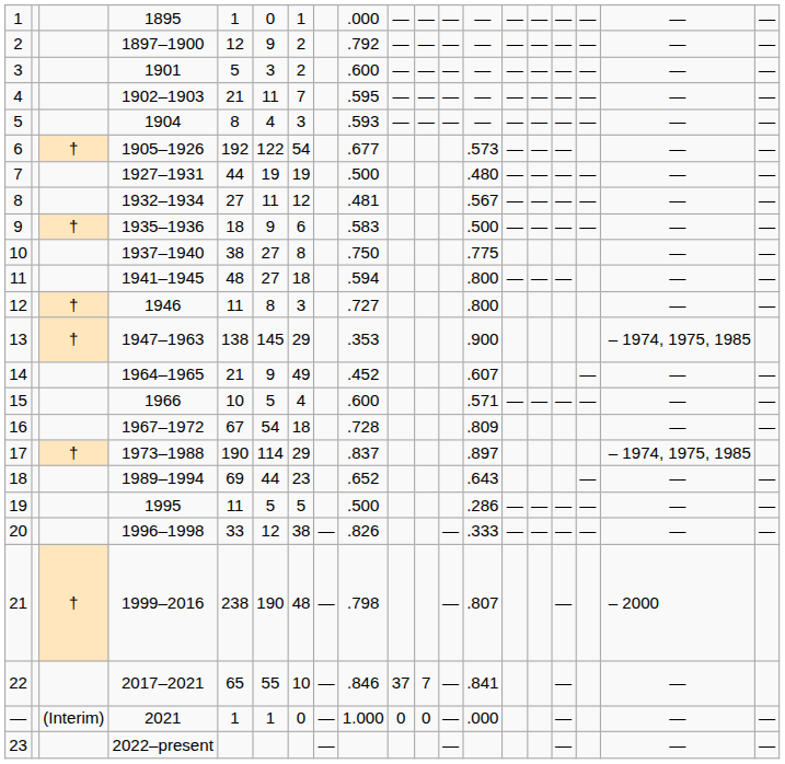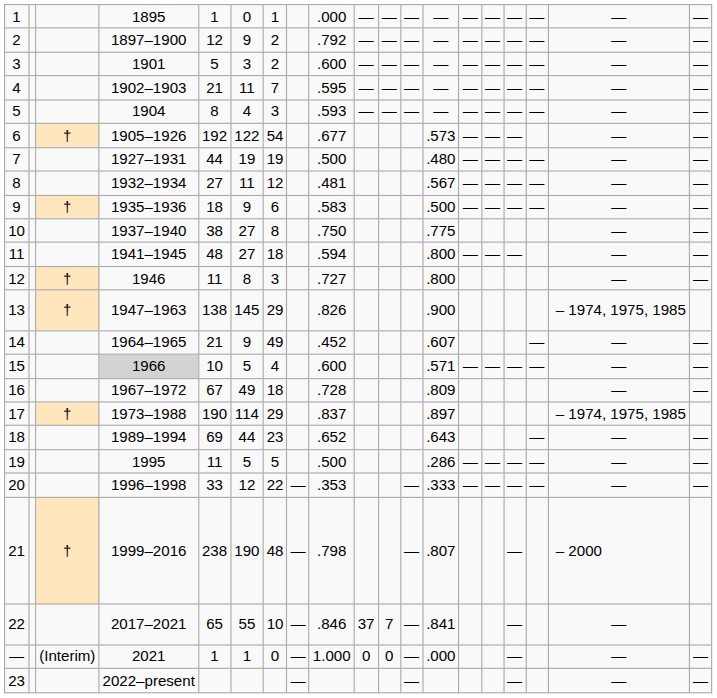 <table class="wikitable sortable" style="font-size:85%">
 <tr>
 <td align="center">1</td>
 <td></td>
 <td align="center"></td>
 <td align="center">1895</td>
 <td align="center">1</td>
 <td align="center">0</td>
 <td align="center">1</td>
 <td align="center"></td>
 <td align="center">.000</td>
 <td align="center">—</td>
 <td align="center">—</td>
 <td align="center">—</td>
 <td align="center">—</td>
 <td align="center">—</td>
 <td align="center">—</td>
 <td align="center">—</td>
 <td align="center">—</td>
 <td align="center">—</td>
 <td align="center">—</td>
 </tr>
 <tr>
 <td align="center">2</td>
 <td></td>
 <td align="center"></td>
 <td align="center">1897–1900</td>
 <td align="center">12</td>
 <td align="center">9</td>
 <td align="center">2</td>
 <td align="center"></td>
 <td align="center">.792</td>
 <td align="center">—</td>
 <td align="center">—</td>
 <td align="center">—</td>
 <td align="center">—</td>
 <td align="center">—</td>
 <td align="center">—</td>
 <td align="center">—</td>
 <td align="center">—</td>
 <td align="center">—</td>
 <td align="center">—</td>
 </tr>
 <tr>
 <td align="center">3</td>
 <td></td>
 <td align="center"></td>
 <td align="center">1901</td>
 <td align="center">5</td>
 <td align="center">3</td>
 <td align="center">2</td>
 <td align="center"></td>
 <td align="center">.600</td>
 <td align="center">—</td>
 <td align="center">—</td>
 <td align="center">—</td>
 <td align="center">—</td>
 <td align="center">—</td>
 <td align="center">—</td>
 <td align="center">—</td>
 <td align="center">—</td>
 <td align="center">—</td>
 <td align="center">—</td>
 </tr>
 <tr>
 <td align="center">4</td>
 <td></td>
 <td align="center"></td>
 <td align="center">1902–1903</td>
 <td align="center">21</td>
 <td align="center">11</td>
 <td align="center">7</td>
 <td align="center"></td>
 <td align="center">.595</td>
 <td align="center">—</td>
 <td align="center">—</td>
 <td align="center">—</td>
 <td align="center">—</td>
 <td align="center">—</td>
 <td align="center">—</td>
 <td align="center">—</td>
 <td align="center">—</td>
 <td align="center">—</td>
 <td align="center">—</td>
 </tr>
 <tr>
 <td align="center">5</td>
 <td></td>
 <td align="center"></td>
 <td align="center">1904</td>
 <td align="center">8</td>
 <td align="center">4</td>
 <td align="center">3</td>
 <td align="center"></td>
 <td align="center">.593</td>
 <td align="center">—</td>
 <td align="center">—</td>
 <td align="center">—</td>
 <td align="center">—</td>
 <td align="center">—</td>
 <td align="center">—</td>
 <td align="center">—</td>
 <td align="center">—</td>
 <td align="center">—</td>
 <td align="center">—</td>
 </tr>
 <tr>
 <td align="center">6</td>
 <td></td>
 <td align="center" bgcolor="#FFE6BD">†</td>
 <td align="center">1905–1926</td>
 <td align="center">192</td>
 <td align="center">122</td>
 <td align="center">54</td>
 <td align="center"></td>
 <td align="center">.677</td>
 <td align="center"></td>
 <td align="center"></td>
 <td align="center"></td>
 <td align="center">.573</td>
 <td align="center">—</td>
 <td align="center">—</td>
 <td align="center">—</td>
 <td align="center"></td>
 <td align="center">—</td>
 <td align="center">—</td>
 </tr>
 <tr>
 <td align="center">7</td>
 <td></td>
 <td align="center"></td>
 <td align="center">1927–1931</td>
 <td align="center">44</td>
 <td align="center">19</td>
 <td align="center">19</td>
 <td align="center"></td>
 <td align="center">.500</td>
 <td align="center"></td>
 <td align="center"></td>
 <td align="center"></td>
 <td align="center">.480</td>
 <td align="center">—</td>
 <td align="center">—</td>
 <td align="center">—</td>
 <td align="center">—</td>
 <td align="center">—</td>
 <td align="center">—</td>
 </tr>
 <tr>
 <td align="center">8</td>
 <td></td>
 <td align="center"></td>
 <td align="center">1932–1934</td>
 <td align="center">27</td>
 <td align="center">11</td>
 <td align="center">12</td>
 <td align="center"></td>
 <td align="center">.481</td>
 <td align="center"></td>
 <td align="center"></td>
 <td align="center"></td>
 <td align="center">.567</td>
 <td align="center">—</td>
 <td align="center">—</td>
 <td align="center">—</td>
 <td align="center">—</td>
 <td align="center">—</td>
 <td align="center">—</td>
 </tr>
 <tr>
 <td align="center">9</td>
 <td></td>
 <td align="center" bgcolor="#FFE6BD">†</td>
 <td align="center">1935–1936</td>
 <td align="center">18</td>
 <td align="center">9</td>
 <td align="center">6</td>
 <td align="center"></td>
 <td align="center">.583</td>
 <td align="center"></td>
 <td align="center"></td>
 <td align="center"></td>
 <td align="center">.500</td>
 <td align="center">—</td>
 <td align="center">—</td>
 <td align="center">—</td>
 <td align="center">—</td>
 <td align="center">—</td>
 <td align="center">—</td>
 </tr>
 <tr>
 <td align="center">10</td>
 <td></td>
 <td align="center"></td>
 <td align="center">1937–1940</td>
 <td align="center">38</td>
 <td align="center">27</td>
 <td align="center">8</td>
 <td align="center"></td>
 <td align="center">.750</td>
 <td align="center"></td>
 <td align="center"></td>
 <td align="center"></td>
 <td align="center">.775</td>
 <td align="center"></td>
 <td align="center"></td>
 <td align="center"></td>
 <td align="center"></td>
 <td align="center">—</td>
 <td align="center">—</td>
 </tr>
 <tr>
 <td align="center">11</td>
 <td></td>
 <td align="center"></td>
 <td align="center">1941–1945</td>
 <td align="center">48</td>
 <td align="center">27</td>
 <td align="center">18</td>
 <td align="center"></td>
 <td align="center">.594</td>
 <td align="center"></td>
 <td align="center"></td>
 <td align="center"></td>
 <td align="center">.800</td>
 <td align="center">—</td>
 <td align="center">—</td>
 <td align="center">—</td>
 <td align="center"></td>
 <td align="center">—</td>
 <td align="center">—</td>
 </tr>
 <tr>
 <td align="center">12</td>
 <td></td>
 <td align="center" bgcolor="#FFE6BD">†</td>
 <td align="center">1946</td>
 <td align="center">11</td>
 <td align="center">8</td>
 <td align="center">3</td>
 <td align="center"></td>
 <td align="center">.727</td>
 <td align="center"></td>
 <td align="center"></td>
 <td align="center"></td>
 <td align="center">.800</td>
 <td align="center"></td>
 <td align="center"></td>
 <td align="center"></td>
 <td align="center"></td>
 <td align="center">—</td>
 <td align="center">—</td>
 </tr>
 <tr>
 <td align="center">13</td>
 <td></td>
 <td align="center" bgcolor="#FFE6BD">†</td>
 <td align="center">1947–1963</td>
 <td align="center">138</td>
 <td align="center">145</td>
 <td align="center">29</td>
 <td align="center"></td>
-<td align="center">.353</td>
+<td align="center">.826</td>
 <td align="center"></td>
 <td align="center"></td>
 <td align="center"></td>
 <td align="center">.900</td>
 <td align="center"></td>
 <td align="center"></td>
 <td align="center"></td>
 <td align="center"></td>
 <td> – 1974, 1975, 1985</td>
 <td><br><br> </td>
 </tr>
 <tr>
 <td align="center">14</td>
 <td></td>
 <td align="center"></td>
 <td align="center">1964–1965</td>
 <td align="center">21</td>
 <td align="center">9</td>
 <td align="center">49</td>
 <td align="center"></td>
 <td align="center">.452</td>
 <td align="center"></td>
 <td align="center"></td>
 <td align="center"></td>
 <td align="center">.607</td>
 <td align="center"></td>
 <td align="center"></td>
 <td align="center"></td>
 <td align="center">—</td>
 <td align="center">—</td>
 <td align="center">—</td>
 </tr>
 <tr>
 <td align="center">15</td>
 <td></td>
 <td align="center"></td>
-<td align="center">1966</td>
+<td align="center" style="background: lightgrey;">1966</td>
 <td align="center">10</td>
 <td align="center">5</td>
 <td align="center">4</td>
 <td align="center"></td>
 <td align="center">.600</td>
 <td align="center"></td>
 <td align="center"></td>
 <td align="center"></td>
 <td align="center">.571</td>
 <td align="center">—</td>
 <td align="center">—</td>
 <td align="center">—</td>
 <td align="center">—</td>
 <td align="center">—</td>
 <td align="center">—</td>
 </tr>
 <tr>
 <td align="center">16</td>
 <td></td>
 <td align="center"></td>
 <td align="center">1967–1972</td>
 <td align="center">67</td>
-<td align="center">54</td>
+<td align="center">49</td>
 <td align="center">18</td>
 <td align="center"></td>
 <td align="center">.728</td>
 <td align="center"></td>
 <td align="center"></td>
 <td align="center"></td>
 <td align="center">.809</td>
 <td align="center"></td>
 <td align="center"></td>
 <td align="center"></td>
 <td align="center"></td>
 <td align="center">—</td>
 <td align="center">—</td>
 </tr>
 <tr>
 <td align="center">17</td>
 <td></td>
 <td align="center" bgcolor="#FFE6BD">†</td>
 <td align="center">1973–1988</td>
 <td align="center">190</td>
 <td align="center">114</td>
 <td align="center">29</td>
 <td align="center"></td>
 <td align="center">.837</td>
 <td align="center"></td>
 <td align="center"></td>
 <td align="center"></td>
 <td align="center">.897</td>
 <td align="center"></td>
 <td align="center"></td>
 <td align="center"></td>
 <td align="center"></td>
 <td> – 1974, 1975, 1985</td>
 <td><br></td>
 </tr>
 <tr>
 <td align="center">18</td>
 <td></td>
 <td align="center"></td>
 <td align="center">1989–1994</td>
 <td align="center">69</td>
 <td align="center">44</td>
 <td align="center">23</td>
 <td align="center"></td>
 <td align="center">.652</td>
 <td align="center"></td>
 <td align="center"></td>
 <td align="center"></td>
 <td align="center">.643</td>
 <td align="center"></td>
 <td align="center"></td>
 <td align="center"></td>
 <td align="center">—</td>
 <td align="center">—</td>
 <td align="center">—</td>
 </tr>
 <tr>
 <td align="center">19</td>
 <td></td>
 <td align="center"></td>
 <td align="center">1995</td>
 <td align="center">11</td>
 <td align="center">5</td>
 <td align="center">5</td>
 <td align="center"></td>
 <td align="center">.500</td>
 <td align="center"></td>
 <td align="center"></td>
 <td align="center"></td>
 <td align="center">.286</td>
 <td align="center">—</td>
 <td align="center">—</td>
 <td align="center">—</td>
 <td align="center">—</td>
 <td align="center">—</td>
 <td align="center">—</td>
 </tr>
 <tr>
 <td align="center">20</td>
 <td></td>
 <td align="center"></td>
 <td align="center">1996–1998</td>
 <td align="center">33</td>
 <td align="center">12</td>
-<td align="center">38</td>
+<td align="center">22</td>
 <td align="center">—</td>
-<td align="center">.826</td>
+<td align="center">.353</td>
 <td align="center"></td>
 <td align="center"></td>
 <td align="center">—</td>
 <td align="center">.333</td>
 <td align="center">—</td>
 <td align="center">—</td>
 <td align="center">—</td>
 <td align="center">—</td>
 <td align="center">—</td>
 <td align="center">—</td>
 </tr>
 <tr>
 <td align="center">21</td>
 <td></td>
 <td align="center" bgcolor="#FFE6BD">†</td>
 <td align="center">1999–2016 </td>
 <td align="center">238</td>
 <td align="center">190</td>
 <td align="center">48</td>
 <td align="center">—</td>
 <td align="center">.798</td>
 <td align="center"></td>
 <td align="center"></td>
 <td align="center">—</td>
 <td align="center">.807</td>
 <td align="center"></td>
 <td align="center"></td>
 <td align="center">—</td>
 <td align="center"></td>
 <td> – 2000</td>
 <td><br> <br> <br> <br> <br> <br> </td>
 </tr>
 <tr>
 <td align="center">22</td>
 <td></td>
 <td align="center"></td>
 <td align="center">2017–2021</td>
 <td align="center">65</td>
 <td align="center">55</td>
 <td align="center">10</td>
 <td align="center">—</td>
 <td align="center">.846</td>
 <td align="center">37</td>
 <td align="center">7</td>
 <td align="center">—</td>
 <td align="center">.841</td>
 <td align="center"></td>
 <td align="center"></td>
 <td align="center">—</td>
 <td align="center"></td>
 <td align="center">—</td>
 <td><br><br>  </td>
 </tr>
 <tr>
 <td align="center">—</td>
 <td></td>
 <td align="center"> (Interim)</td>
 <td align="center">2021</td>
 <td align="center">1</td>
 <td align="center">1</td>
 <td align="center">0</td>
 <td align="center">—</td>
 <td align="center">1.000</td>
 <td align="center">0</td>
 <td align="center">0</td>
 <td align="center">—</td>
 <td align="center">.000</td>
 <td align="center"></td>
 <td align="center"></td>
 <td align="center">—</td>
 <td align="center"></td>
 <td align="center">—</td>
 <td align="center">—</td>
 </tr>
 <tr>
 <td align="center">23</td>
 <td></td>
 <td align="center"></td>
 <td align="center">2022–present</td>
 <td align="center"></td>
 <td align="center"></td>
 <td align="center"></td>
 <td align="center">—</td>
 <td align="center"></td>
 <td align="center"></td>
 <td align="center"></td>
 <td align="center">—</td>
 <td align="center"></td>
 <td align="center"></td>
 <td align="center"></td>
 <td align="center">—</td>
 <td align="center"></td>
 <td align="center">—</td>
 <td align="center">—</td>
 </tr>
 </table>
